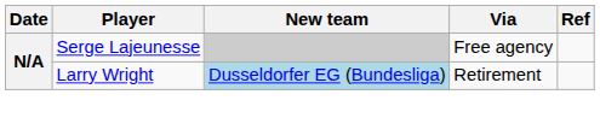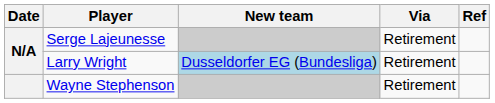 <table class="wikitable plainrowheaders">
 <tr style="background:#ddd; text-align:center;">
 <th>Date</th>
 <th>Player</th>
 <th>New team</th>
 <th>Via</th>
 <th>Ref</th>
 </tr>
 <tr>
 <th scope="row" rowspan="2">N/A</th>
 <td><a href='#'>Serge Lajeunesse</a></td>
 <td style="background:#ccc"></td>
-<td>Free agency</td>
+<td>Retirement</td>
 <td></td>
 </tr>
 <tr>
 <td><a href='#'>Larry Wright</a></td>
 <td style="background: lightblue;"><a href='#'>Dusseldorfer EG</a> (<a href='#'>Bundesliga</a>)</td>
 <td>Retirement</td>
 <td></td>
 </tr>
+<tr>
+<th scope="row"></th>
+<td><a href='#'>Wayne Stephenson</a></td>
+<td style="background:#ccc"></td>
+<td>Retirement</td>
+<td></td>
+</tr>
 </table>
